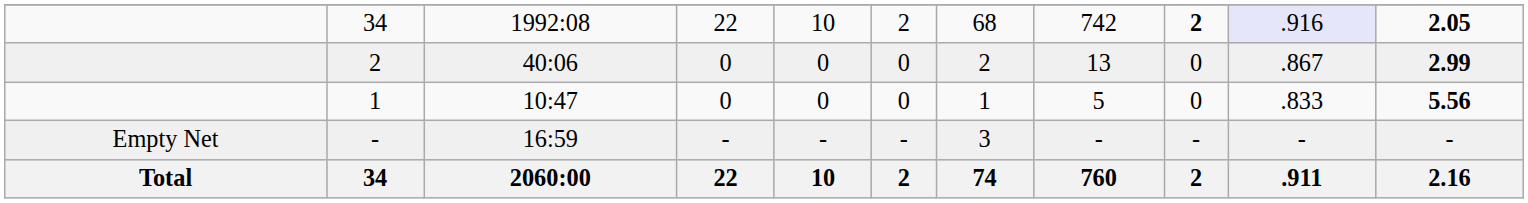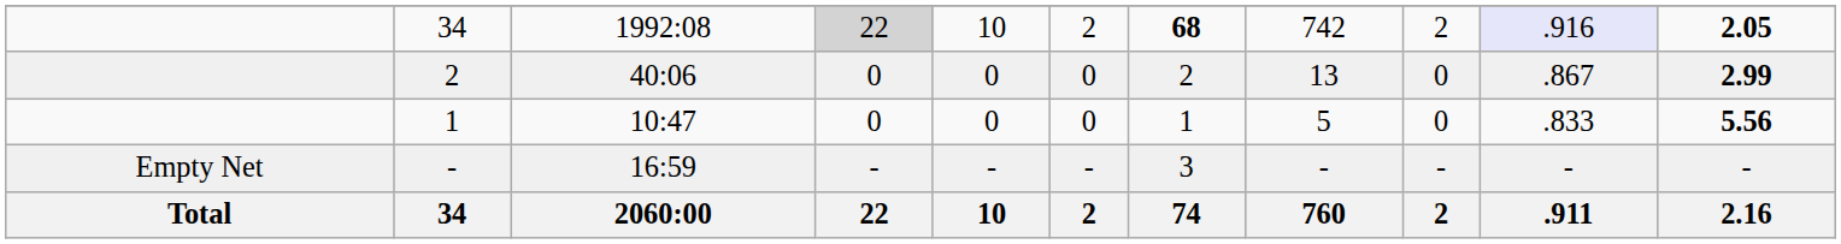 <table class="wikitable sortable" width ="1000">
 <tr align="center">
 </tr>
 <tr align="center">
 <td></td>
 <td>34</td>
 <td>1992:08</td>
-<td>22</td>
+<td style="background: lightgrey;">22</td>
 <td>10</td>
 <td>2</td>
-<td>68</td>
+<td><strong>68</strong></td>
 <td>742</td>
-<td><strong>2</strong></td>
+<td>2</td>
 <td style="background: lavender;">.916</td>
 <td><strong>2.05</strong></td>
 </tr>
 <tr align="center" bgcolor="f0f0f0">
 <td></td>
 <td>2</td>
 <td>40:06</td>
 <td>0</td>
 <td>0</td>
 <td>0</td>
 <td>2</td>
 <td>13</td>
 <td>0</td>
 <td>.867</td>
 <td><strong>2.99</strong></td>
 </tr>
 <tr align="center" bgcolor="">
 <td></td>
 <td>1</td>
 <td>10:47</td>
 <td>0</td>
 <td>0</td>
 <td>0</td>
 <td>1</td>
 <td>5</td>
 <td>0</td>
 <td>.833</td>
 <td><strong>5.56</strong></td>
 </tr>
 <tr align="center" bgcolor="f0f0f0">
 <td>Empty Net</td>
 <td>-</td>
 <td>16:59</td>
 <td>-</td>
 <td>-</td>
 <td>-</td>
 <td>3</td>
 <td>-</td>
 <td>-</td>
 <td>-</td>
 <td>-</td>
 </tr>
 <tr>
 <th>Total</th>
 <th>34</th>
 <th>2060:00</th>
 <th>22</th>
 <th>10</th>
 <th>2</th>
 <th>74</th>
 <th>760</th>
 <th>2</th>
 <th>.911</th>
 <th>2.16</th>
 </tr>
 </table>
